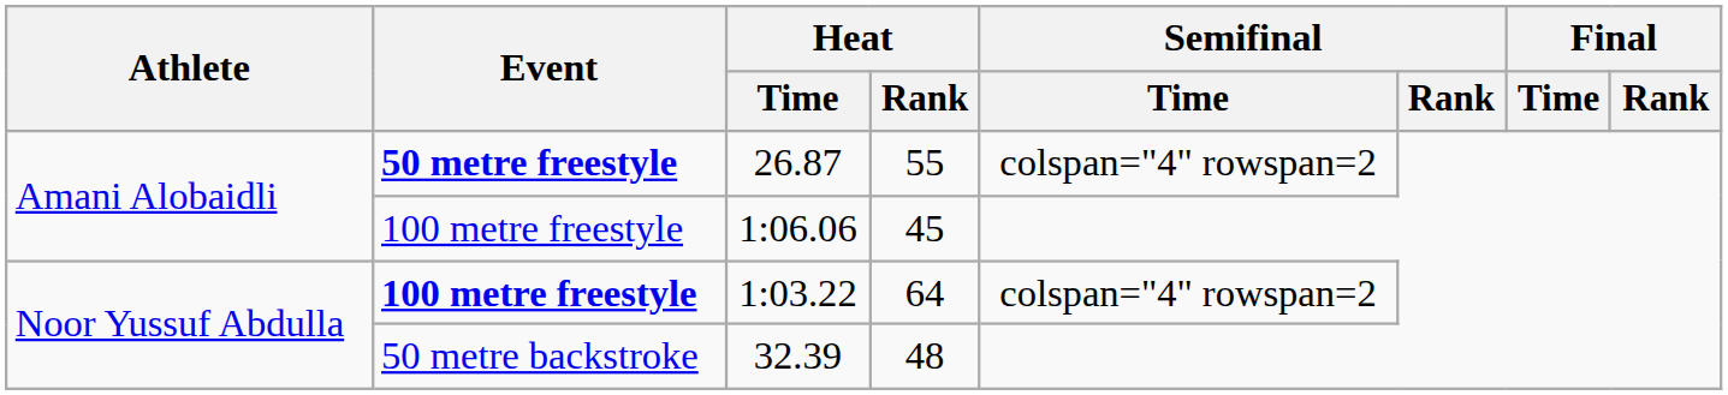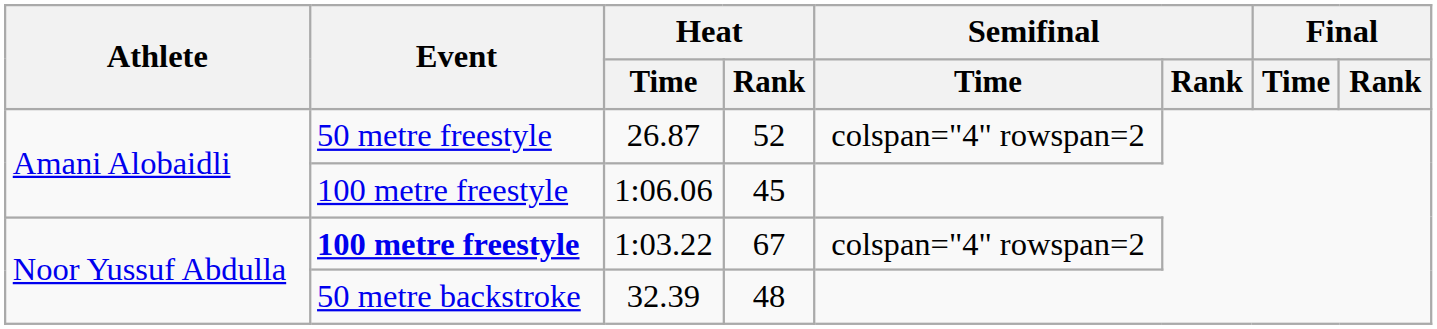 <table class="wikitable" style="text-align:center; font-size:90%; width:50%;">
 <tr>
 <th rowspan="2">Athlete</th>
 <th rowspan="2">Event</th>
 <th colspan="2">Heat</th>
 <th colspan="2">Semifinal</th>
 <th colspan="2">Final</th>
 </tr>
 <tr style="font-size:95%">
 <th>Time</th>
 <th>Rank</th>
 <th>Time</th>
 <th>Rank</th>
 <th>Time</th>
 <th>Rank</th>
 </tr>
 <tr>
 <td align=left rowspan=2><a href='#'>Amani Alobaidli</a></td>
-<td align=left><strong><a href='#'>50 metre freestyle</a></strong></td>
+<td align=left><a href='#'>50 metre freestyle</a></td>
 <td>26.87</td>
-<td>55</td>
+<td>52</td>
 <td>colspan="4" rowspan=2 </td>
 </tr>
 <tr align=center>
 <td align=left><a href='#'>100 metre freestyle</a></td>
 <td>1:06.06</td>
 <td>45</td>
 </tr>
 <tr>
 <td align=left rowspan=2><a href='#'>Noor Yussuf Abdulla</a></td>
 <td align=left><strong><a href='#'>100 metre freestyle</a></strong></td>
 <td>1:03.22</td>
-<td>64</td>
+<td>67</td>
 <td>colspan="4" rowspan=2 </td>
 </tr>
 <tr>
 <td align=left><a href='#'>50 metre backstroke</a></td>
 <td>32.39</td>
 <td>48</td>
 </tr>
 </table>
